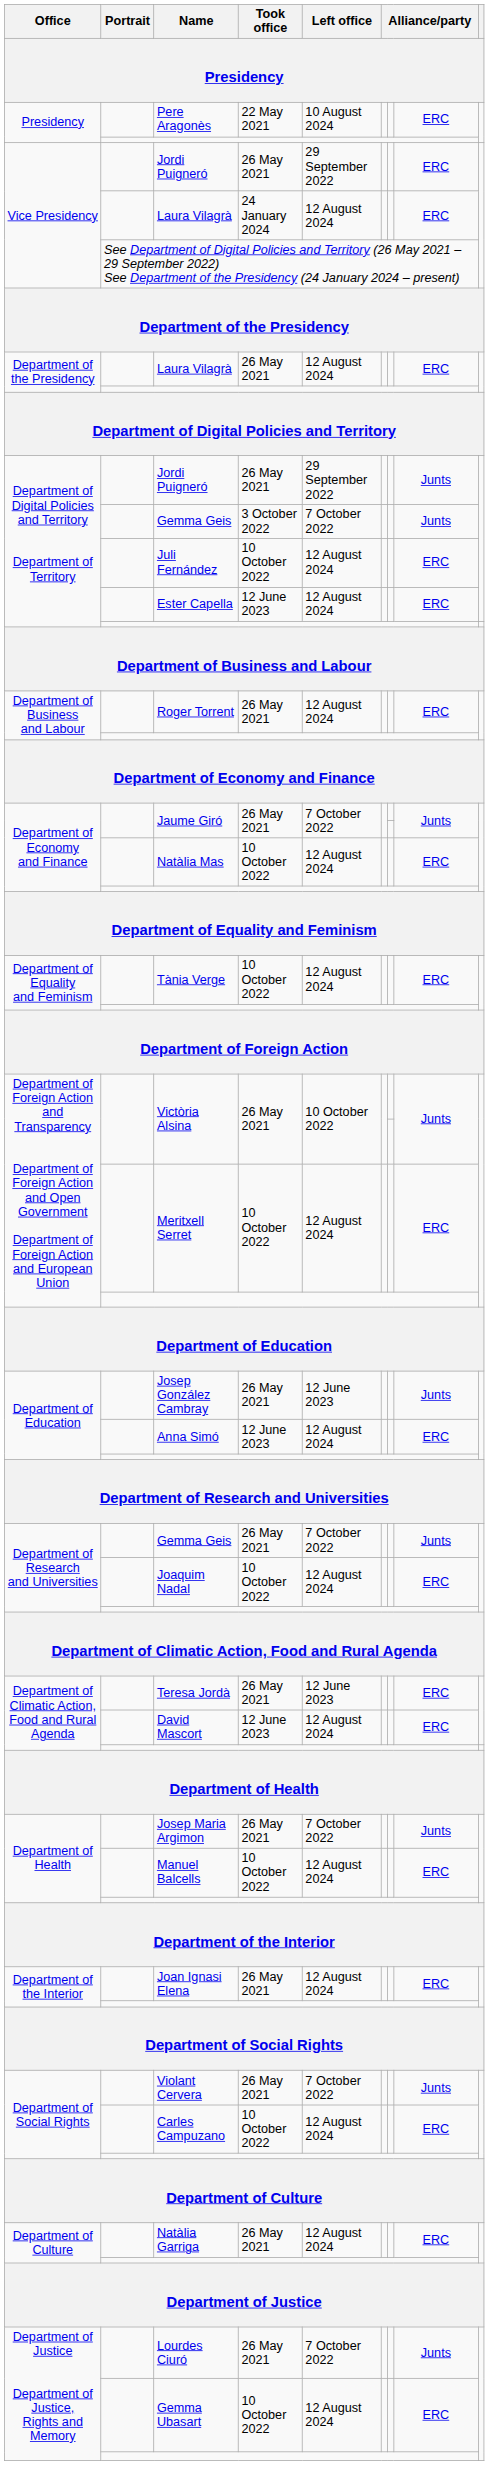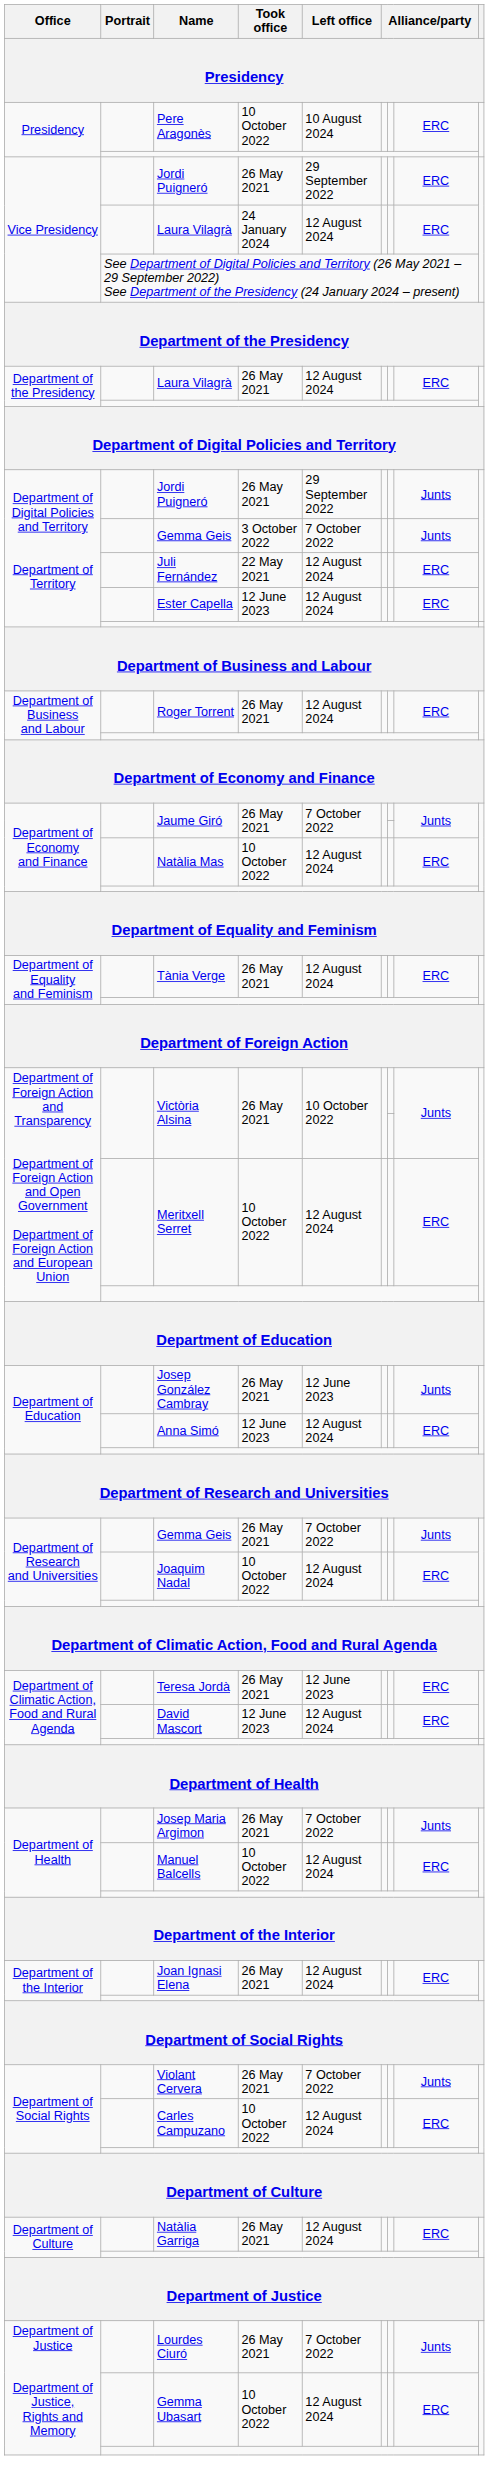 <table class="wikitable" style="line-height:18px;">
 <tr>
 <th scope="col">Office<br></th>
 <th scope="col">Portrait</th>
 <th scope="col">Name</th>
 <th scope="col">Took office</th>
 <th scope="col">Left office</th>
 <th colspan="3" scope="col">Alliance/party</th>
 <th></th>
 </tr>
 <tr>
 <th colspan="9"><br><h3><a href='#'>Presidency</a></h3></th>
 </tr>
 <tr>
 <td align="center" rowspan="2" width="250"><a href='#'>Presidency</a><br></td>
 <td width="80"></td>
 <td width="200"><a href='#'>Pere Aragonès</a></td>
-<td width="200">22 May 2021</td>
+<td>10 October 2022</td>
 <td width="200">10 August 2024</td>
 <td width="1" style="background-color:"></td>
 <td width="1" style="background-color:"></td>
 <td width="175" align="center"><a href='#'>ERC</a></td>
 <td align="center" rowspan="2"></td>
 </tr>
 <tr>
 <td colspan="7"></td>
 </tr>
 <tr>
 <td align="center" rowspan="3"><a href='#'>Vice Presidency</a><br></td>
 <td></td>
 <td><a href='#'>Jordi Puigneró</a></td>
 <td>26 May 2021</td>
 <td>29 September 2022</td>
 <td style="background-color:"></td>
 <td style="background-color:"></td>
 <td align="center"><a href='#'>ERC</a></td>
 <td align="center" rowspan="3"></td>
 </tr>
 <tr>
 <td></td>
 <td><a href='#'>Laura Vilagrà</a></td>
 <td>24 January 2024</td>
 <td>12 August 2024</td>
 <td style="background-color:"></td>
 <td style="background-color:"></td>
 <td align="center"><a href='#'>ERC</a></td>
 </tr>
 <tr>
 <td colspan="7"><em>See <a href='#'>Department of Digital Policies and Territory</a> (26 May 2021 – 29 September 2022)<br>See <a href='#'>Department of the Presidency</a> (24 January 2024 – present)</em></td>
 </tr>
 <tr>
 <th colspan="9"><br><h3><a href='#'>Department of the Presidency</a></h3></th>
 </tr>
 <tr>
 <td align="center" rowspan="2"><a href='#'>Department of the Presidency</a><br></td>
 <td></td>
 <td><a href='#'>Laura Vilagrà</a></td>
 <td>26 May 2021</td>
 <td>12 August 2024</td>
 <td style="background-color:"></td>
 <td style="background-color:"></td>
 <td align="center"><a href='#'>ERC</a></td>
 <td align="center" rowspan="2"></td>
 </tr>
 <tr>
 <td colspan="7"></td>
 </tr>
 <tr>
 <th colspan="9"><br><h3><a href='#'>Department of Digital Policies and Territory</a></h3></th>
 </tr>
 <tr>
 <td align="center" rowspan="5"><a href='#'>Department of Digital Policies<br>and Territory</a><br><br><br><a href='#'>Department of Territory</a><br><br></td>
 <td></td>
 <td><a href='#'>Jordi Puigneró</a></td>
 <td>26 May 2021</td>
 <td>29 September 2022</td>
 <td style="background-color:"></td>
 <td style="background-color:"></td>
 <td align="center"><a href='#'>Junts</a></td>
 <td align="center" rowspan="4"></td>
 </tr>
 <tr>
 <td></td>
 <td><a href='#'>Gemma Geis</a><br></td>
 <td>3 October 2022</td>
 <td>7 October 2022<br></td>
 <td style="background-color:"></td>
 <td style="background-color:"></td>
 <td align="center"><a href='#'>Junts</a></td>
 </tr>
 <tr>
 <td></td>
 <td><a href='#'>Juli Fernández</a></td>
-<td>10 October 2022</td>
+<td width="200">22 May 2021</td>
 <td>12 August 2024</td>
 <td style="background-color:"></td>
 <td style="background-color:"></td>
 <td align="center"><a href='#'>ERC</a></td>
 </tr>
 <tr>
 <td></td>
 <td><a href='#'>Ester Capella</a></td>
 <td>12 June 2023</td>
 <td>12 August 2024</td>
 <td style="background-color:"></td>
 <td style="background-color:"></td>
 <td align="center"><a href='#'>ERC</a></td>
 </tr>
 <tr>
 <td colspan="7"></td>
 </tr>
 <tr>
 <th colspan="9"><br><h3><a href='#'>Department of Business and Labour</a></h3></th>
 </tr>
 <tr>
 <td align="center" rowspan="2"><a href='#'>Department of Business<br>and Labour</a><br></td>
 <td></td>
 <td><a href='#'>Roger Torrent</a></td>
 <td>26 May 2021</td>
 <td>12 August 2024</td>
 <td style="background-color:"></td>
 <td style="background-color:"></td>
 <td align="center"><a href='#'>ERC</a></td>
 <td align="center" rowspan="2"></td>
 </tr>
 <tr>
 <td colspan="7"></td>
 </tr>
 <tr>
 <th colspan="9"><br><h3><a href='#'>Department of Economy and Finance</a></h3></th>
 </tr>
 <tr>
 <td align="center" rowspan="4"><a href='#'>Department of Economy<br>and Finance</a><br></td>
 <td rowspan="2"></td>
 <td rowspan="2"><a href='#'>Jaume Giró</a></td>
 <td rowspan="2">26 May 2021</td>
 <td rowspan="2">7 October 2022<br></td>
 <td rowspan="2" style="background-color:"></td>
 <td style="background-color:"></td>
 <td rowspan="2" align="center"><a href='#'>Junts</a><br></td>
 <td align="center" rowspan="4"></td>
 </tr>
 <tr>
 <td style="background-color:"></td>
 </tr>
 <tr>
 <td></td>
 <td><a href='#'>Natàlia Mas</a></td>
 <td>10 October 2022</td>
 <td>12 August 2024</td>
 <td style="background-color:"></td>
 <td style="background-color:"></td>
 <td align="center"><a href='#'>ERC</a></td>
 </tr>
 <tr>
 <td colspan="7"></td>
 </tr>
 <tr>
 <th colspan="9"><br><h3><a href='#'>Department of Equality and Feminism</a></h3></th>
 </tr>
 <tr>
 <td align="center" rowspan="2"><a href='#'>Department of Equality<br>and Feminism</a><br></td>
 <td></td>
 <td><a href='#'>Tània Verge</a></td>
-<td>10 October 2022</td>
+<td>26 May 2021</td>
 <td>12 August 2024</td>
 <td style="background-color:"></td>
 <td style="background-color:"></td>
 <td align="center"><a href='#'>ERC</a><br></td>
 <td align="center" rowspan="2"></td>
 </tr>
 <tr>
 <td colspan="7"></td>
 </tr>
 <tr>
 <th colspan="9"><br><h3><a href='#'>Department of Foreign Action</a></h3></th>
 </tr>
 <tr>
 <td align="center" rowspan="4"><a href='#'>Department of Foreign Action<br>and Transparency</a><br><br><br><a href='#'>Department of Foreign Action<br>and Open Government</a><br><br><a href='#'>Department of Foreign Action<br>and European Union</a><br><br></td>
 <td rowspan="2"></td>
 <td rowspan="2"><a href='#'>Victòria Alsina</a></td>
 <td rowspan="2">26 May 2021</td>
 <td rowspan="2">10 October 2022</td>
 <td rowspan="2" style="background-color:"></td>
 <td style="background-color:"></td>
 <td rowspan="2" align="center"><a href='#'>Junts</a><br></td>
 <td align="center" rowspan="4"></td>
 </tr>
 <tr>
 <td style="background-color:"></td>
 </tr>
 <tr>
 <td></td>
 <td><a href='#'>Meritxell Serret</a></td>
 <td>10 October 2022</td>
 <td>12 August 2024</td>
 <td style="background-color:"></td>
 <td style="background-color:"></td>
 <td align="center"><a href='#'>ERC</a></td>
 </tr>
 <tr>
 <td colspan="7"></td>
 </tr>
 <tr>
 <th colspan="9"><br><h3><a href='#'>Department of Education</a></h3></th>
 </tr>
 <tr>
 <td align="center" rowspan="3"><a href='#'>Department of Education</a><br></td>
 <td></td>
 <td><a href='#'>Josep González Cambray</a></td>
 <td>26 May 2021</td>
 <td>12 June 2023</td>
 <td style="background-color:"></td>
 <td style="background-color:"></td>
 <td align="center"><a href='#'>Junts</a></td>
 <td align="center" rowspan="3"></td>
 </tr>
 <tr>
 <td></td>
 <td><a href='#'>Anna Simó</a></td>
 <td>12 June 2023</td>
 <td>12 August 2024</td>
 <td style="background-color:"></td>
 <td style="background-color:"></td>
 <td align="center"><a href='#'>ERC</a></td>
 </tr>
 <tr>
 <td colspan="7"></td>
 </tr>
 <tr>
 <th colspan="9"><br><h3><a href='#'>Department of Research and Universities</a></h3></th>
 </tr>
 <tr>
 <td align="center" rowspan="3"><a href='#'>Department of Research<br>and Universities</a><br></td>
 <td></td>
 <td><a href='#'>Gemma Geis</a></td>
 <td>26 May 2021</td>
 <td>7 October 2022<br></td>
 <td style="background-color:"></td>
 <td style="background-color:"></td>
 <td align="center"><a href='#'>Junts</a></td>
 <td align="center" rowspan="3"></td>
 </tr>
 <tr>
 <td></td>
 <td><a href='#'>Joaquim Nadal</a></td>
 <td>10 October 2022</td>
 <td>12 August 2024</td>
 <td style="background-color:"></td>
 <td style="background-color:"></td>
 <td align="center"><a href='#'>ERC</a><br></td>
 </tr>
 <tr>
 <td colspan="7"></td>
 </tr>
 <tr>
 <th colspan="9"><br><h3><a href='#'>Department of Climatic Action, Food and Rural Agenda</a></h3></th>
 </tr>
 <tr>
 <td align="center" rowspan="3"><a href='#'>Department of Climatic Action,<br>Food and Rural Agenda</a><br></td>
 <td></td>
 <td><a href='#'>Teresa Jordà</a></td>
 <td>26 May 2021</td>
 <td>12 June 2023</td>
 <td style="background-color:"></td>
 <td style="background-color:"></td>
 <td align="center"><a href='#'>ERC</a></td>
 <td align="center" rowspan="2"></td>
 </tr>
 <tr>
 <td></td>
 <td><a href='#'>David Mascort</a></td>
 <td>12 June 2023</td>
 <td>12 August 2024</td>
 <td style="background-color:"></td>
 <td style="background-color:"></td>
 <td align="center"><a href='#'>ERC</a></td>
 </tr>
 <tr>
 <td colspan="7"></td>
 </tr>
 <tr>
 <th colspan="9"><br><h3><a href='#'>Department of Health</a></h3></th>
 </tr>
 <tr>
 <td align="center" rowspan="3"><a href='#'>Department of Health</a><br></td>
 <td></td>
 <td><a href='#'>Josep Maria Argimon</a></td>
 <td>26 May 2021</td>
 <td>7 October 2022<br></td>
 <td style="background-color:"></td>
 <td style="background-color:"></td>
 <td align="center"><a href='#'>Junts</a><br></td>
 <td align="center" rowspan="3"></td>
 </tr>
 <tr>
 <td></td>
 <td><a href='#'>Manuel Balcells</a></td>
 <td>10 October 2022</td>
 <td>12 August 2024</td>
 <td style="background-color:"></td>
 <td style="background-color:"></td>
 <td align="center"><a href='#'>ERC</a></td>
 </tr>
 <tr>
 <td colspan="7"></td>
 </tr>
 <tr>
 <th colspan="9"><br><h3><a href='#'>Department of the Interior</a></h3></th>
 </tr>
 <tr>
 <td align="center" rowspan="2"><a href='#'>Department of the Interior</a><br></td>
 <td></td>
 <td><a href='#'>Joan Ignasi Elena</a></td>
 <td>26 May 2021</td>
 <td>12 August 2024</td>
 <td style="background-color:"></td>
 <td style="background-color:"></td>
 <td align="center"><a href='#'>ERC</a><br></td>
 <td align="center" rowspan="2"></td>
 </tr>
 <tr>
 <td colspan="7"></td>
 </tr>
 <tr>
 <th colspan="9"><br><h3><a href='#'>Department of Social Rights</a></h3></th>
 </tr>
 <tr>
 <td align="center" rowspan="3"><a href='#'>Department of Social Rights</a><br></td>
 <td></td>
 <td><a href='#'>Violant Cervera</a></td>
 <td>26 May 2021</td>
 <td>7 October 2022<br></td>
 <td style="background-color:"></td>
 <td style="background-color:"></td>
 <td align="center"><a href='#'>Junts</a></td>
 <td align="center" rowspan="3"></td>
 </tr>
 <tr>
 <td></td>
 <td><a href='#'>Carles Campuzano</a></td>
 <td>10 October 2022</td>
 <td>12 August 2024</td>
 <td style="background-color:"></td>
 <td style="background-color:"></td>
 <td align="center"><a href='#'>ERC</a><br></td>
 </tr>
 <tr>
 <td colspan="7"></td>
 </tr>
 <tr>
 <th colspan="9"><br><h3><a href='#'>Department of Culture</a></h3></th>
 </tr>
 <tr>
 <td align="center" rowspan="2"><a href='#'>Department of Culture</a><br></td>
 <td></td>
 <td><a href='#'>Natàlia Garriga</a></td>
 <td>26 May 2021</td>
 <td>12 August 2024</td>
 <td style="background-color:"></td>
 <td style="background-color:"></td>
 <td align="center"><a href='#'>ERC</a></td>
 <td align="center" rowspan="2"></td>
 </tr>
 <tr>
 <td colspan="7"></td>
 </tr>
 <tr>
 <th colspan="9"><br><h3><a href='#'>Department of Justice</a></h3></th>
 </tr>
 <tr>
 <td align="center" rowspan="3"><a href='#'>Department of Justice</a><br><br><br><a href='#'>Department of Justice,<br>Rights and Memory</a><br><br></td>
 <td></td>
 <td><a href='#'>Lourdes Ciuró</a></td>
 <td>26 May 2021</td>
 <td>7 October 2022<br></td>
 <td style="background-color:"></td>
 <td style="background-color:"></td>
 <td align="center"><a href='#'>Junts</a></td>
 <td align="center" rowspan="3"></td>
 </tr>
 <tr>
 <td></td>
 <td><a href='#'>Gemma Ubasart</a></td>
 <td>10 October 2022</td>
 <td>12 August 2024</td>
 <td style="background-color:"></td>
 <td style="background-color:"></td>
 <td align="center"><a href='#'>ERC</a><br></td>
 </tr>
 <tr>
 <td colspan="7"></td>
 </tr>
 </table>
